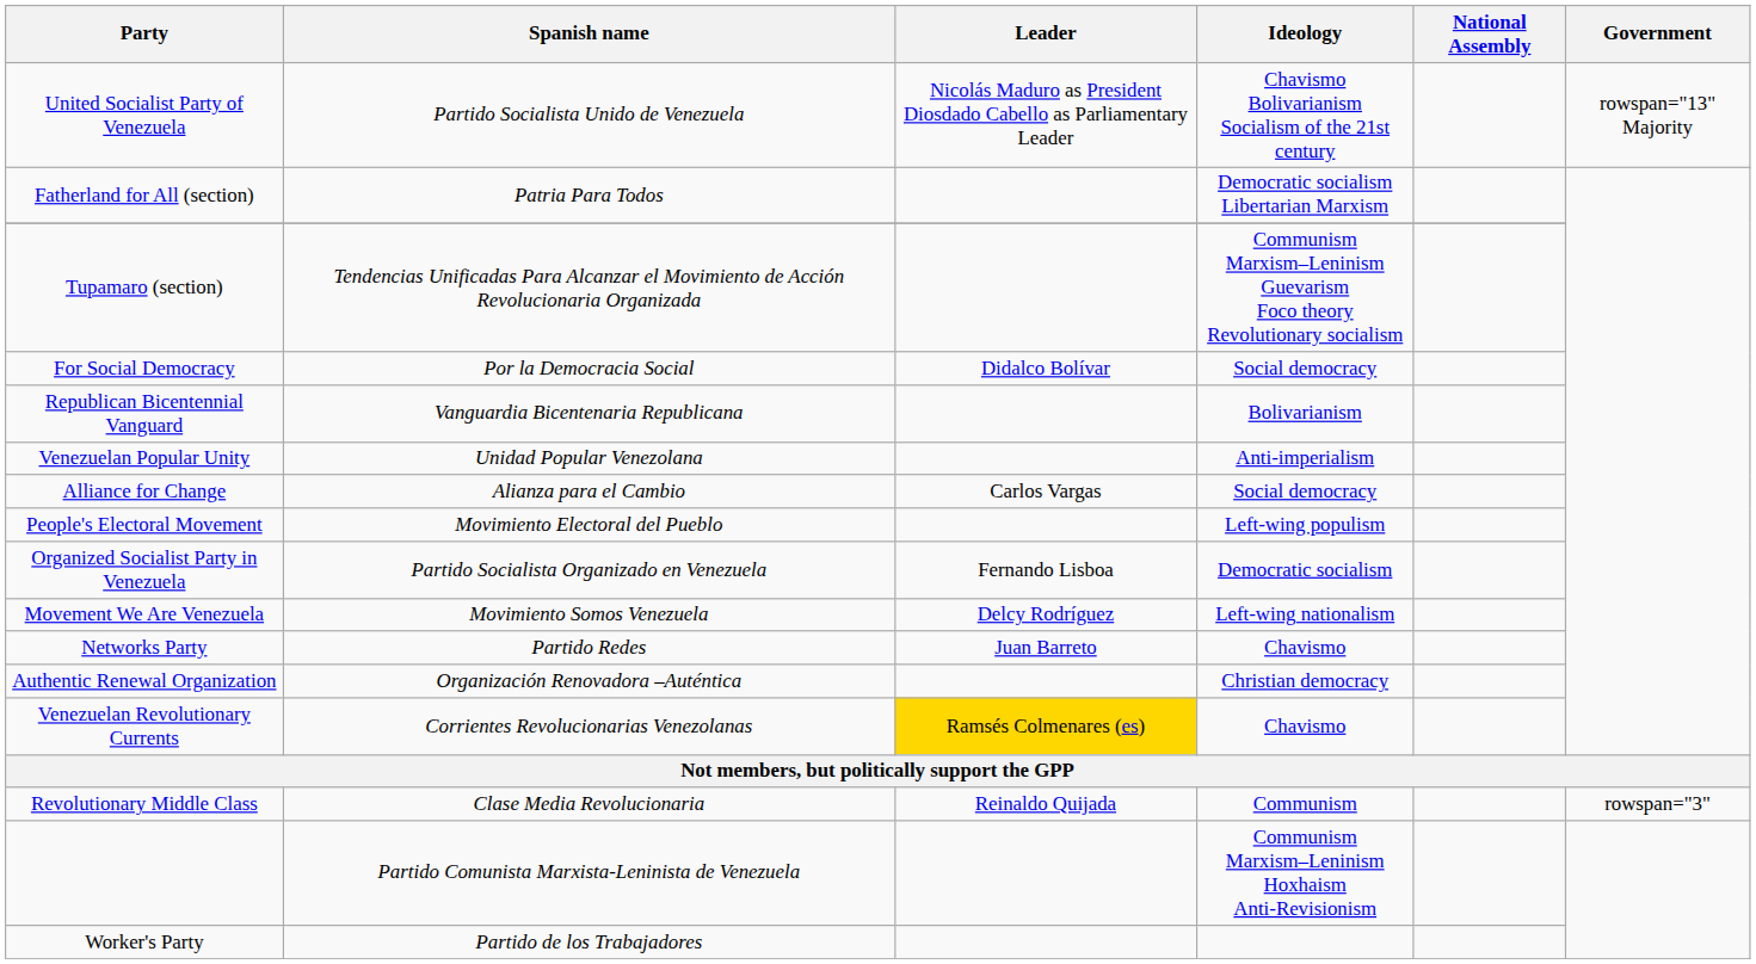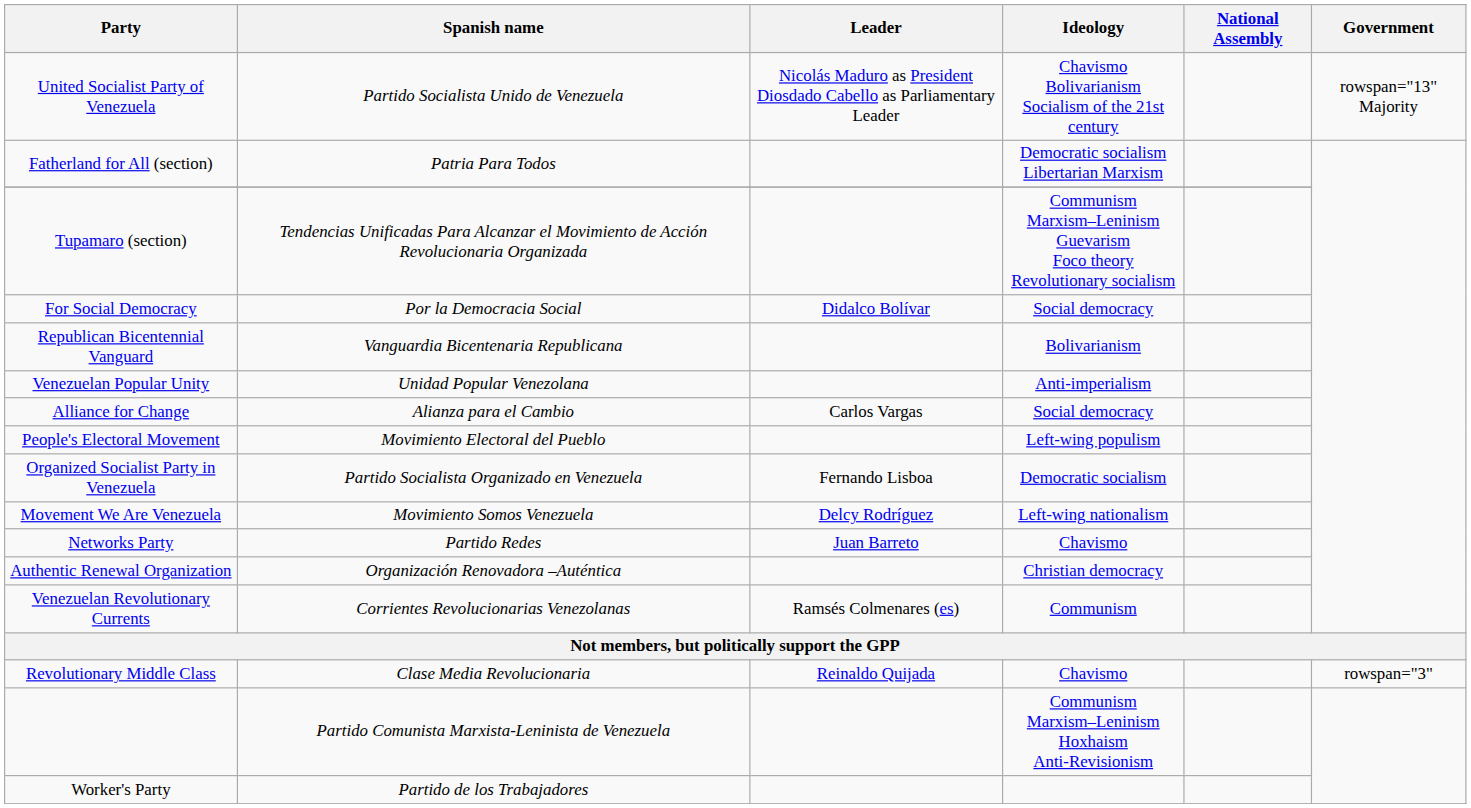 <table class="wikitable sortable" style="text-align: center;font-size:90%;">
 <tr>
 <th>Party</th>
 <th>Spanish name</th>
 <th>Leader</th>
 <th>Ideology</th>
 <th><a href='#'>National Assembly</a></th>
 <th>Government</th>
 </tr>
 <tr>
 <td><a href='#'>United Socialist Party of Venezuela</a></td>
 <td><em>Partido Socialista Unido de Venezuela</em></td>
 <td><a href='#'>Nicolás Maduro</a> as <a href='#'>President</a><br><a href='#'>Diosdado Cabello</a> as Parliamentary Leader</td>
 <td><a href='#'>Chavismo</a><br><a href='#'>Bolivarianism</a><br><a href='#'>Socialism of the 21st century</a></td>
 <td></td>
 <td>rowspan="13"  Majority</td>
 </tr>
 <tr>
 <td><a href='#'>Fatherland for All</a> (section)</td>
 <td><em>Patria Para Todos</em></td>
 <td></td>
 <td><a href='#'>Democratic socialism</a><br><a href='#'>Libertarian Marxism</a></td>
 <td></td>
 </tr>
 <tr>
 </tr>
 <tr>
 <td><a href='#'>Tupamaro</a> (section)</td>
 <td><em>Tendencias Unificadas Para Alcanzar el Movimiento de Acción Revolucionaria Organizada</em></td>
 <td></td>
 <td><a href='#'>Communism</a><br><a href='#'>Marxism–Leninism</a><br><a href='#'>Guevarism</a><br><a href='#'>Foco theory</a><br><a href='#'>Revolutionary socialism</a></td>
 <td></td>
 </tr>
 <tr>
 <td><a href='#'>For Social Democracy</a></td>
 <td><em>Por la Democracia Social</em></td>
 <td><a href='#'>Didalco Bolívar</a></td>
 <td><a href='#'>Social democracy</a></td>
 <td></td>
 </tr>
 <tr>
 <td><a href='#'>Republican Bicentennial Vanguard</a></td>
 <td><em>Vanguardia Bicentenaria Republicana</em></td>
 <td></td>
 <td><a href='#'>Bolivarianism</a></td>
 <td></td>
 </tr>
 <tr>
 <td><a href='#'>Venezuelan Popular Unity</a></td>
 <td><em>Unidad Popular Venezolana</em></td>
 <td></td>
 <td><a href='#'>Anti-imperialism</a></td>
 <td></td>
 </tr>
 <tr>
 <td><a href='#'>Alliance for Change</a></td>
 <td><em>Alianza para el Cambio</em></td>
 <td>Carlos Vargas</td>
 <td><a href='#'>Social democracy</a></td>
 <td></td>
 </tr>
 <tr>
 <td><a href='#'>People's Electoral Movement</a></td>
 <td><em>Movimiento Electoral del Pueblo</em></td>
 <td></td>
 <td><a href='#'>Left-wing populism</a></td>
 <td></td>
 </tr>
 <tr>
 <td><a href='#'>Organized Socialist Party in Venezuela</a></td>
 <td><em>Partido Socialista Organizado en Venezuela</em></td>
 <td>Fernando Lisboa</td>
 <td><a href='#'>Democratic socialism</a></td>
 <td></td>
 </tr>
 <tr>
 <td><a href='#'>Movement We Are Venezuela</a></td>
 <td><em>Movimiento Somos Venezuela</em></td>
 <td><a href='#'>Delcy Rodríguez</a></td>
 <td><a href='#'>Left-wing nationalism</a></td>
 <td></td>
 </tr>
 <tr>
 <td><a href='#'>Networks Party</a></td>
 <td><em>Partido Redes</em></td>
 <td><a href='#'>Juan Barreto</a></td>
 <td><a href='#'>Chavismo</a></td>
 <td></td>
 </tr>
 <tr>
 <td><a href='#'>Authentic Renewal Organization</a></td>
 <td><em>Organización Renovadora –Auténtica</em></td>
 <td></td>
 <td><a href='#'>Christian democracy</a></td>
 <td></td>
 </tr>
 <tr>
 <td><a href='#'>Venezuelan Revolutionary Currents</a></td>
 <td><em>Corrientes Revolucionarias Venezolanas</em></td>
-<td style="background: gold;">Ramsés Colmenares (<a href='#'>es</a>)</td>
-<td><a href='#'>Chavismo</a></td>
+<td>Ramsés Colmenares (<a href='#'>es</a>)</td>
+<td><a href='#'>Communism</a></td>
 <td></td>
 </tr>
 <tr>
 <th colspan="6">Not members, but politically support the GPP</th>
 </tr>
 <tr>
 <td><a href='#'>Revolutionary Middle Class</a></td>
 <td><em>Clase Media Revolucionaria</em></td>
 <td><a href='#'>Reinaldo Quijada</a></td>
-<td><a href='#'>Communism</a></td>
+<td><a href='#'>Chavismo</a></td>
 <td></td>
 <td>rowspan="3" </td>
 </tr>
 <tr>
 <td></td>
 <td><em>Partido Comunista Marxista-Leninista de Venezuela</em></td>
 <td></td>
 <td><a href='#'>Communism</a><br><a href='#'>Marxism–Leninism</a><br><a href='#'>Hoxhaism</a><br><a href='#'>Anti-Revisionism</a></td>
 <td></td>
 </tr>
 <tr>
 <td>Worker's Party</td>
 <td><em>Partido de los Trabajadores</em></td>
 <td></td>
 <td></td>
 <td></td>
 </tr>
 </table>
